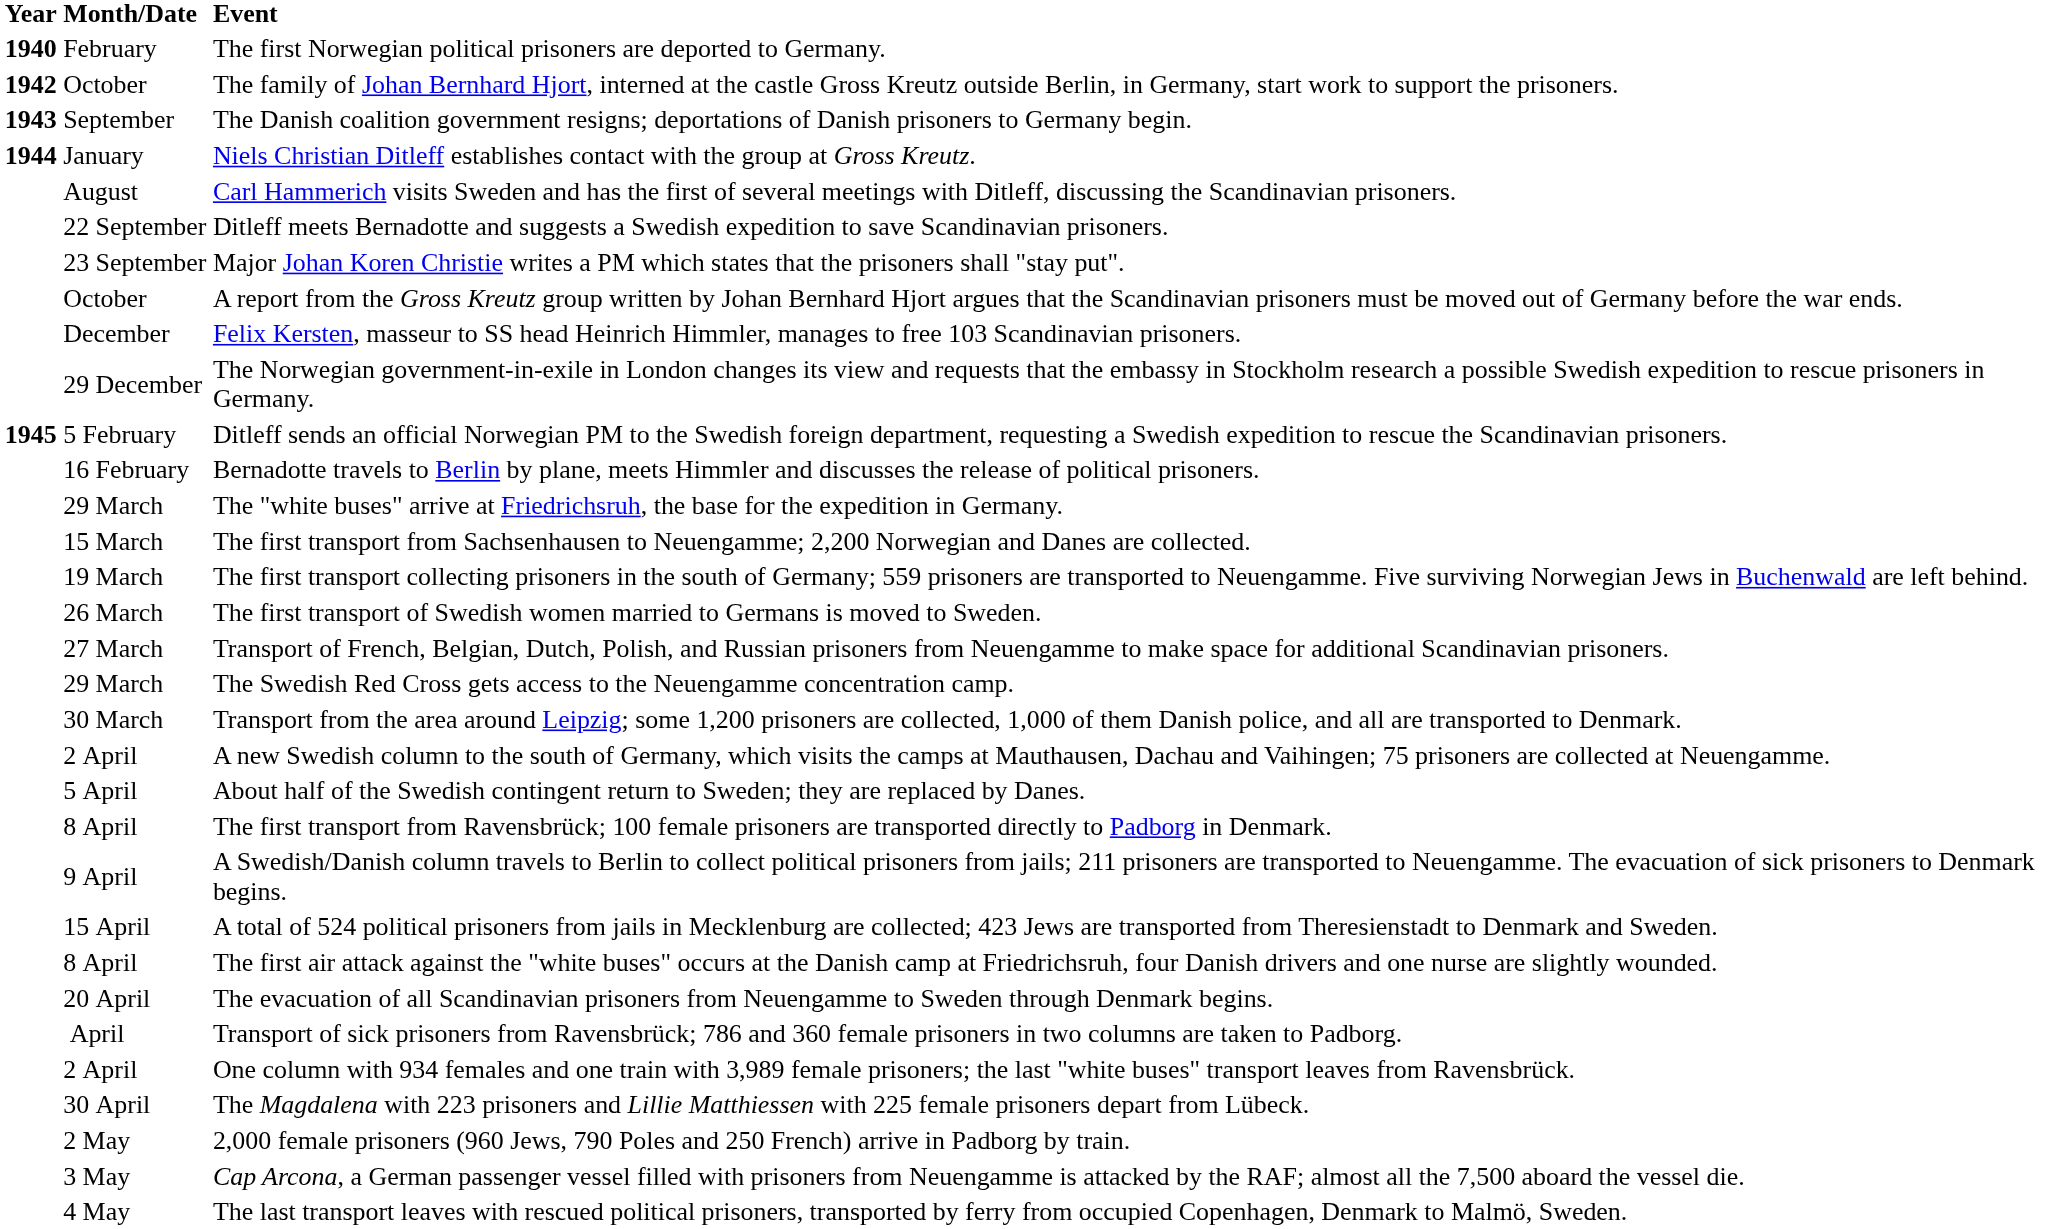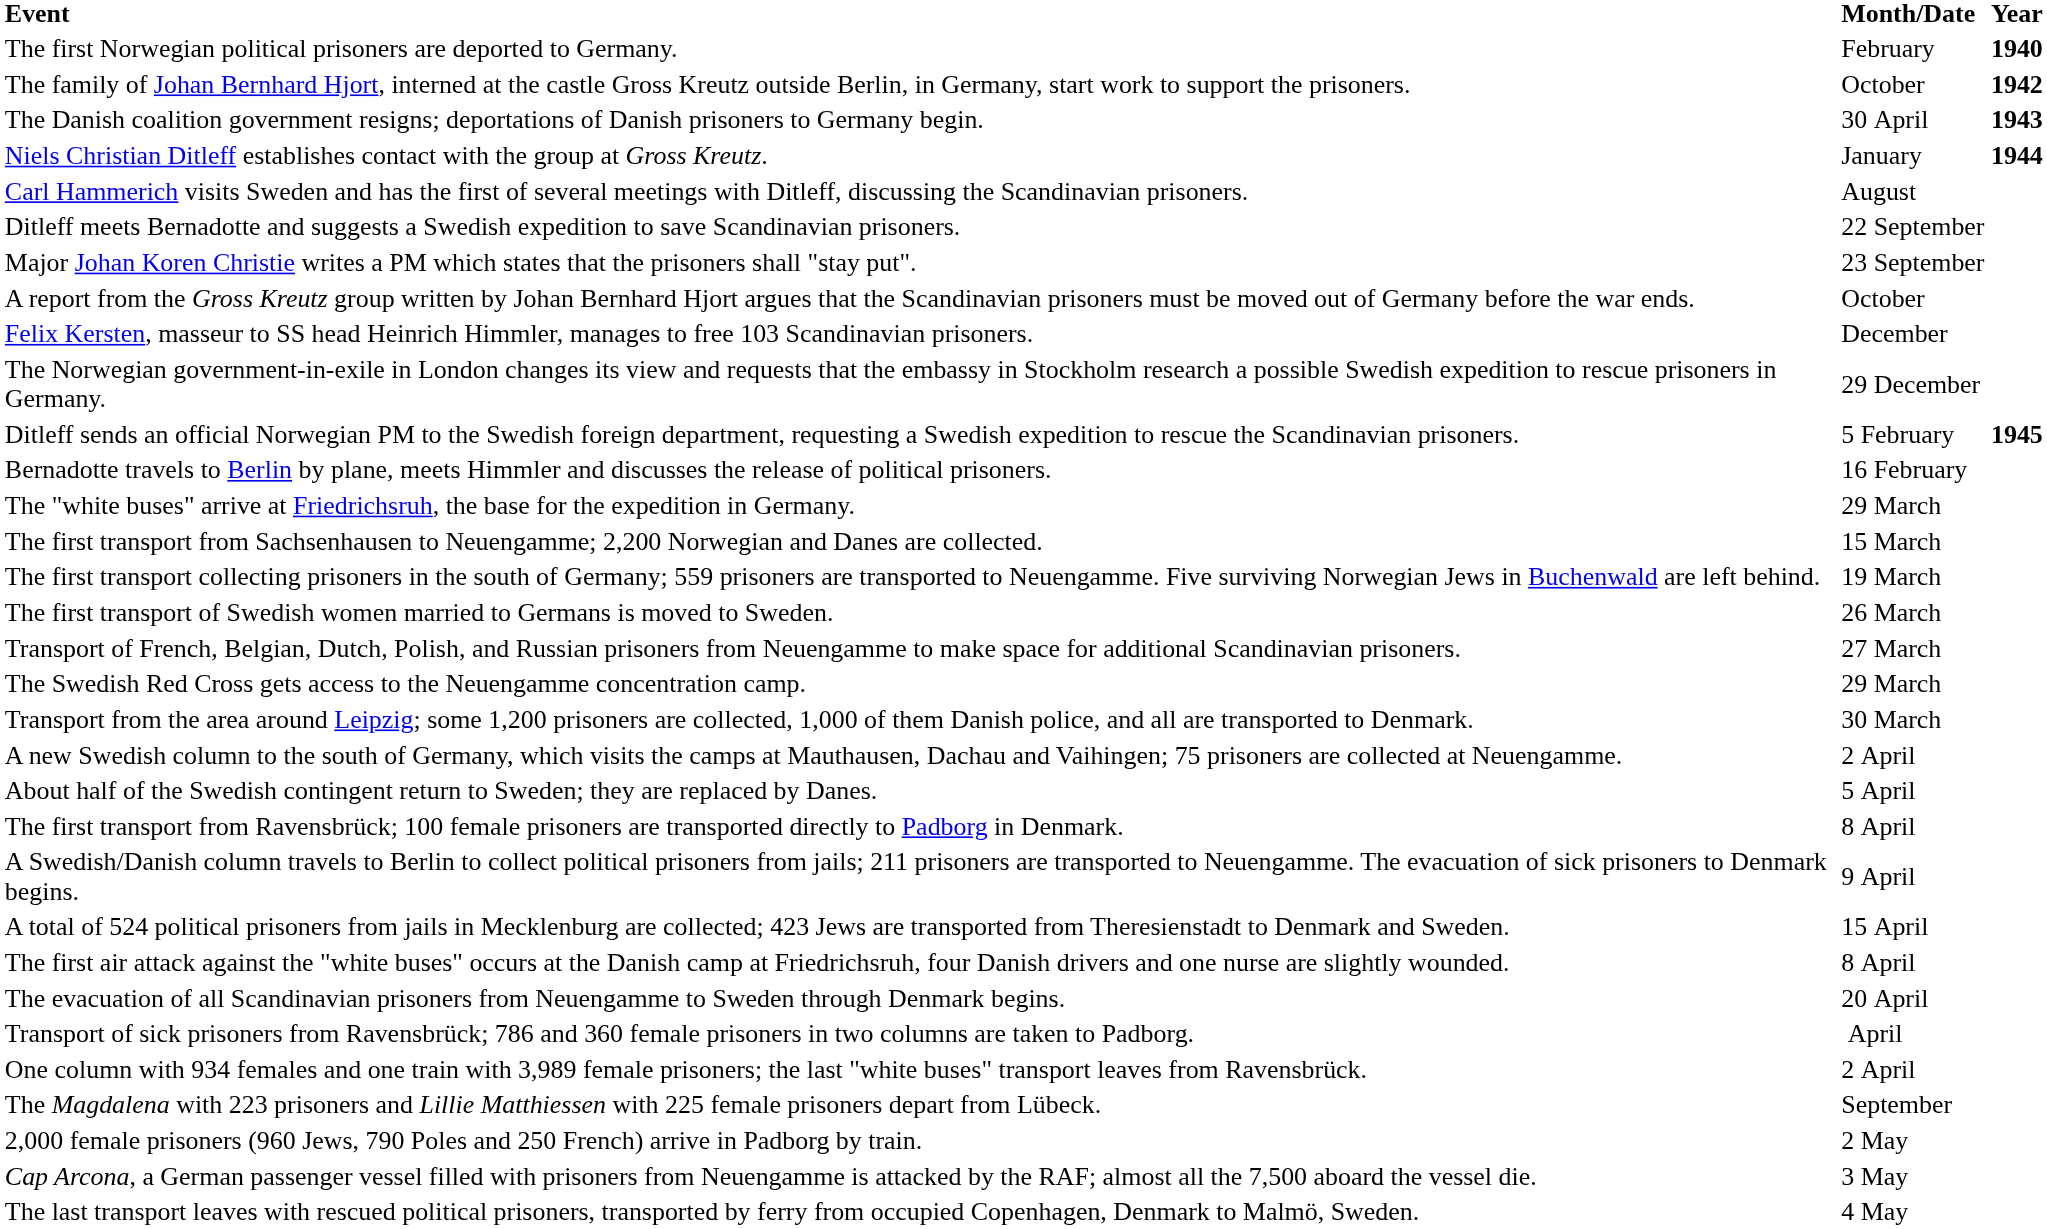 <table>
 <tr>
+<td><strong>Event</strong></td>
+<td><strong>Month/Date</strong></td>
 <td><strong>Year</strong></td>
-<td><strong>Month/Date</strong></td>
-<td><strong>Event</strong></td>
 </tr>
 <tr>
+<td>The first Norwegian political prisoners are deported to Germany.</td>
+<td>February</td>
 <td><strong>1940</strong></td>
-<td>February</td>
-<td>The first Norwegian political prisoners are deported to Germany.</td>
 </tr>
 <tr>
+<td>The family of <a href='#'>Johan Bernhard Hjort</a>, interned at the castle Gross Kreutz outside Berlin, in Germany, start work to support the prisoners.</td>
+<td>October</td>
 <td><strong>1942</strong></td>
-<td>October</td>
-<td>The family of <a href='#'>Johan Bernhard Hjort</a>, interned at the castle Gross Kreutz outside Berlin, in Germany, start work to support the prisoners.</td>
 </tr>
 <tr>
+<td>The Danish coalition government resigns; deportations of Danish prisoners to Germany begin.</td>
+<td>30 April</td>
 <td><strong>1943</strong></td>
-<td>September</td>
-<td>The Danish coalition government resigns; deportations of Danish prisoners to Germany begin.</td>
 </tr>
 <tr>
+<td><a href='#'>Niels Christian Ditleff</a> establishes contact with the group at <em>Gross Kreutz</em>.</td>
+<td>January</td>
 <td><strong>1944</strong></td>
-<td>January</td>
-<td><a href='#'>Niels Christian Ditleff</a> establishes contact with the group at <em>Gross Kreutz</em>.</td>
 </tr>
 <tr>
+<td><a href='#'>Carl Hammerich</a> visits Sweden and has the first of several meetings with Ditleff, discussing the Scandinavian prisoners.</td>
+<td>August</td>
 <td></td>
-<td>August</td>
-<td><a href='#'>Carl Hammerich</a> visits Sweden and has the first of several meetings with Ditleff, discussing the Scandinavian prisoners.</td>
 </tr>
 <tr>
+<td>Ditleff meets Bernadotte and suggests a Swedish expedition to save Scandinavian prisoners.</td>
+<td>22 September</td>
 <td></td>
-<td>22 September</td>
-<td>Ditleff meets Bernadotte and suggests a Swedish expedition to save Scandinavian prisoners.</td>
 </tr>
 <tr>
+<td>Major <a href='#'>Johan Koren Christie</a> writes a PM which states that the prisoners shall "stay put".</td>
+<td>23 September</td>
 <td></td>
-<td>23 September</td>
-<td>Major <a href='#'>Johan Koren Christie</a> writes a PM which states that the prisoners shall "stay put".</td>
 </tr>
 <tr>
+<td>A report from the <em>Gross Kreutz</em> group written by Johan Bernhard Hjort argues that the Scandinavian prisoners must be moved out of Germany before the war ends.</td>
+<td>October</td>
 <td></td>
-<td>October</td>
-<td>A report from the <em>Gross Kreutz</em> group written by Johan Bernhard Hjort argues that the Scandinavian prisoners must be moved out of Germany before the war ends.</td>
 </tr>
 <tr>
+<td><a href='#'>Felix Kersten</a>, masseur to SS head Heinrich Himmler, manages to free 103 Scandinavian prisoners.</td>
+<td>December</td>
 <td></td>
-<td>December</td>
-<td><a href='#'>Felix Kersten</a>, masseur to SS head Heinrich Himmler, manages to free 103 Scandinavian prisoners.</td>
 </tr>
 <tr>
+<td>The Norwegian government-in-exile in London changes its view and requests that the embassy in Stockholm research a possible Swedish expedition to rescue prisoners in Germany.</td>
+<td>29 December</td>
 <td></td>
-<td>29 December</td>
-<td>The Norwegian government-in-exile in London changes its view and requests that the embassy in Stockholm research a possible Swedish expedition to rescue prisoners in Germany.</td>
 </tr>
 <tr>
+<td>Ditleff sends an official Norwegian PM to the Swedish foreign department, requesting a Swedish expedition to rescue the Scandinavian prisoners.</td>
+<td>5 February</td>
 <td><strong>1945</strong></td>
-<td>5 February</td>
-<td>Ditleff sends an official Norwegian PM to the Swedish foreign department, requesting a Swedish expedition to rescue the Scandinavian prisoners.</td>
 </tr>
 <tr>
+<td>Bernadotte travels to <a href='#'>Berlin</a> by plane, meets Himmler and discusses the release of political prisoners.</td>
+<td>16 February</td>
 <td></td>
-<td>16 February</td>
-<td>Bernadotte travels to <a href='#'>Berlin</a> by plane, meets Himmler and discusses the release of political prisoners.</td>
 </tr>
 <tr>
+<td>The "white buses" arrive at <a href='#'>Friedrichsruh</a>, the base for the expedition in Germany.</td>
+<td>29 March</td>
 <td></td>
-<td>29 March</td>
-<td>The "white buses" arrive at <a href='#'>Friedrichsruh</a>, the base for the expedition in Germany.</td>
 </tr>
 <tr>
+<td>The first transport from Sachsenhausen to Neuengamme; 2,200 Norwegian and Danes are collected.</td>
+<td>15 March</td>
 <td></td>
-<td>15 March</td>
-<td>The first transport from Sachsenhausen to Neuengamme; 2,200 Norwegian and Danes are collected.</td>
 </tr>
 <tr>
+<td>The first transport collecting prisoners in the south of Germany; 559 prisoners are transported to Neuengamme. Five surviving Norwegian Jews in <a href='#'>Buchenwald</a> are left behind.</td>
+<td>19 March</td>
 <td></td>
-<td>19 March</td>
-<td>The first transport collecting prisoners in the south of Germany; 559 prisoners are transported to Neuengamme. Five surviving Norwegian Jews in <a href='#'>Buchenwald</a> are left behind.</td>
 </tr>
 <tr>
+<td>The first transport of Swedish women married to Germans is moved to Sweden.</td>
+<td>26 March</td>
 <td></td>
-<td>26 March</td>
-<td>The first transport of Swedish women married to Germans is moved to Sweden.</td>
 </tr>
 <tr>
+<td>Transport of French, Belgian, Dutch, Polish, and Russian prisoners from Neuengamme to make space for additional Scandinavian prisoners.</td>
+<td>27 March</td>
 <td></td>
-<td>27 March</td>
-<td>Transport of French, Belgian, Dutch, Polish, and Russian prisoners from Neuengamme to make space for additional Scandinavian prisoners.</td>
 </tr>
 <tr>
+<td>The Swedish Red Cross gets access to the Neuengamme concentration camp.</td>
+<td>29 March</td>
 <td></td>
-<td>29 March</td>
-<td>The Swedish Red Cross gets access to the Neuengamme concentration camp.</td>
 </tr>
 <tr>
+<td>Transport from the area around <a href='#'>Leipzig</a>; some 1,200 prisoners are collected, 1,000 of them Danish police, and all are transported to Denmark.</td>
+<td>30 March</td>
 <td></td>
-<td>30 March</td>
-<td>Transport from the area around <a href='#'>Leipzig</a>; some 1,200 prisoners are collected, 1,000 of them Danish police, and all are transported to Denmark.</td>
 </tr>
 <tr>
+<td>A new Swedish column to the south of Germany, which visits the camps at Mauthausen, Dachau and Vaihingen; 75 prisoners are collected at Neuengamme.</td>
+<td>2 April</td>
 <td></td>
-<td>2 April</td>
-<td>A new Swedish column to the south of Germany, which visits the camps at Mauthausen, Dachau and Vaihingen; 75 prisoners are collected at Neuengamme.</td>
 </tr>
 <tr>
+<td>About half of the Swedish contingent return to Sweden; they are replaced by Danes.</td>
+<td>5 April</td>
 <td></td>
-<td>5 April</td>
-<td>About half of the Swedish contingent return to Sweden; they are replaced by Danes.</td>
 </tr>
 <tr>
+<td>The first transport from Ravensbrück; 100 female prisoners are transported directly to <a href='#'>Padborg</a> in Denmark.</td>
+<td>8 April</td>
 <td></td>
-<td>8 April</td>
-<td>The first transport from Ravensbrück; 100 female prisoners are transported directly to <a href='#'>Padborg</a> in Denmark.</td>
 </tr>
 <tr>
+<td>A Swedish/Danish column travels to Berlin to collect political prisoners from jails; 211 prisoners are transported to Neuengamme. The evacuation of sick prisoners to Denmark begins.</td>
+<td>9 April</td>
 <td></td>
-<td>9 April</td>
-<td>A Swedish/Danish column travels to Berlin to collect political prisoners from jails; 211 prisoners are transported to Neuengamme. The evacuation of sick prisoners to Denmark begins.</td>
 </tr>
 <tr>
+<td>A total of 524 political prisoners from jails in Mecklenburg are collected; 423 Jews are transported from Theresienstadt to Denmark and Sweden.</td>
+<td>15 April</td>
 <td></td>
-<td>15 April</td>
-<td>A total of 524 political prisoners from jails in Mecklenburg are collected; 423 Jews are transported from Theresienstadt to Denmark and Sweden.</td>
 </tr>
 <tr>
+<td>The first air attack against the "white buses" occurs at the Danish camp at Friedrichsruh, four Danish drivers and one nurse are slightly wounded.</td>
+<td>8 April</td>
 <td></td>
-<td>8 April</td>
-<td>The first air attack against the "white buses" occurs at the Danish camp at Friedrichsruh, four Danish drivers and one nurse are slightly wounded.</td>
 </tr>
 <tr>
+<td>The evacuation of all Scandinavian prisoners from Neuengamme to Sweden through Denmark begins.</td>
+<td>20 April</td>
 <td></td>
-<td>20 April</td>
-<td>The evacuation of all Scandinavian prisoners from Neuengamme to Sweden through Denmark begins.</td>
 </tr>
 <tr>
+<td>Transport of sick prisoners from Ravensbrück; 786 and 360 female prisoners in two columns are taken to Padborg.</td>
+<td> April</td>
 <td></td>
-<td> April</td>
-<td>Transport of sick prisoners from Ravensbrück; 786 and 360 female prisoners in two columns are taken to Padborg.</td>
 </tr>
 <tr>
+<td>One column with 934 females and one train with 3,989 female prisoners; the last "white buses" transport leaves from Ravensbrück.</td>
+<td>2 April</td>
 <td></td>
-<td>2 April</td>
-<td>One column with 934 females and one train with 3,989 female prisoners; the last "white buses" transport leaves from Ravensbrück.</td>
 </tr>
 <tr>
+<td>The <em>Magdalena</em> with 223 prisoners and <em>Lillie Matthiessen</em> with 225 female prisoners depart from Lübeck.</td>
+<td>September</td>
 <td></td>
-<td>30 April</td>
-<td>The <em>Magdalena</em> with 223 prisoners and <em>Lillie Matthiessen</em> with 225 female prisoners depart from Lübeck.</td>
 </tr>
 <tr>
+<td>2,000 female prisoners (960 Jews, 790 Poles and 250 French) arrive in Padborg by train.</td>
+<td>2 May</td>
 <td></td>
-<td>2 May</td>
-<td>2,000 female prisoners (960 Jews, 790 Poles and 250 French) arrive in Padborg by train.</td>
 </tr>
 <tr>
+<td><em>Cap Arcona</em>, a German passenger vessel filled with prisoners from Neuengamme is attacked by the RAF; almost all the 7,500 aboard the vessel die.</td>
+<td>3 May</td>
 <td></td>
-<td>3 May</td>
-<td><em>Cap Arcona</em>, a German passenger vessel filled with prisoners from Neuengamme is attacked by the RAF; almost all the 7,500 aboard the vessel die.</td>
 </tr>
 <tr>
+<td>The last transport leaves with rescued political prisoners, transported by ferry from occupied Copenhagen, Denmark to Malmö, Sweden.</td>
+<td>4 May</td>
 <td></td>
-<td>4 May</td>
-<td>The last transport leaves with rescued political prisoners, transported by ferry from occupied Copenhagen, Denmark to Malmö, Sweden.</td>
 </tr>
 </table>
